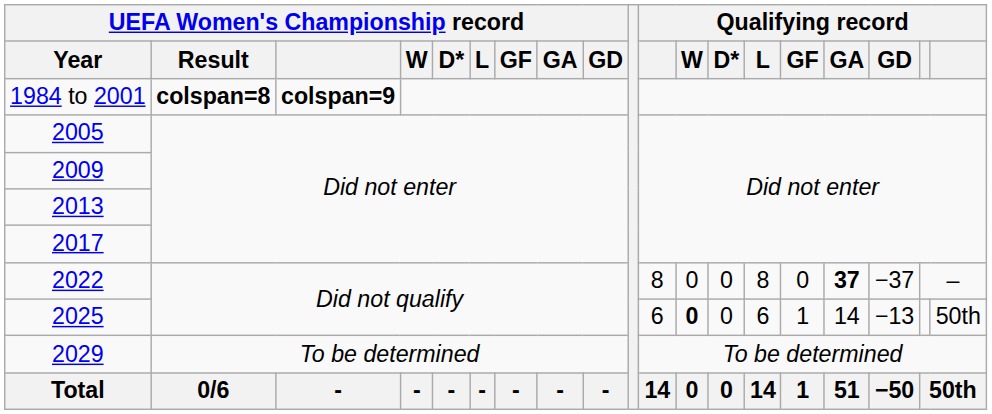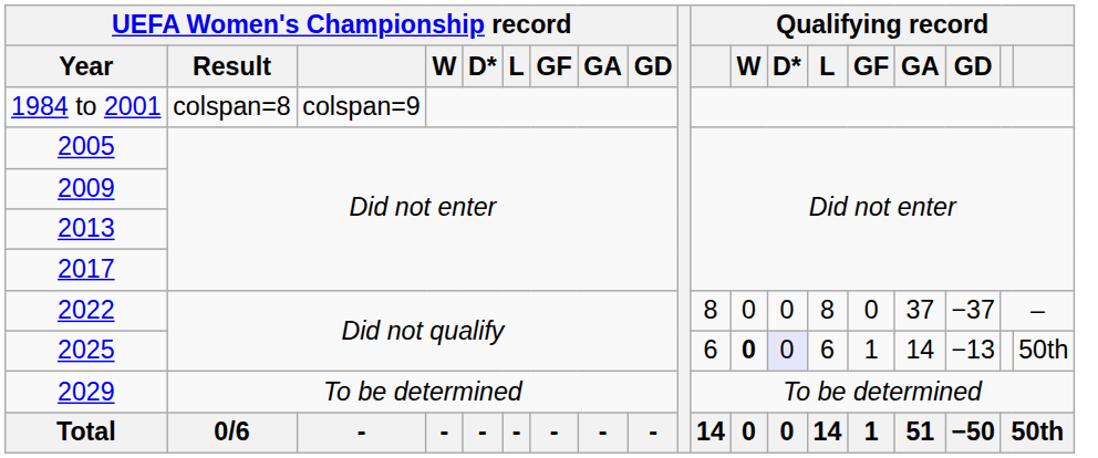 <table class="wikitable" style="text-align: center">
 <tr>
 <th colspan=9><a href='#'>UEFA Women's Championship</a> record</th>
 <th rowspan=100></th>
 <th colspan=9>Qualifying record</th>
 </tr>
 <tr>
 <th>Year</th>
 <th>Result</th>
 <th></th>
 <th>W</th>
 <th>D*</th>
 <th>L</th>
 <th>GF</th>
 <th>GA</th>
 <th>GD<br></th>
 <th></th>
 <th>W</th>
 <th>D*</th>
 <th>L</th>
 <th>GF</th>
 <th>GA</th>
 <th>GD</th>
 <th></th>
 <th></th>
 </tr>
 <tr>
 <td> <a href='#'>1984</a> to  <a href='#'>2001</a></td>
-<td><strong>colspan=8 </strong></td>
-<td><strong>colspan=9 </strong></td>
+<td>colspan=8 </td>
+<td>colspan=9 </td>
 </tr>
 <tr>
 <td> <a href='#'>2005</a></td>
 <td colspan=8 rowspan=4><em>Did not enter</em></td>
 <td colspan=9 rowspan=4><em>Did not enter</em></td>
 </tr>
 <tr>
 <td> <a href='#'>2009</a></td>
 </tr>
 <tr>
 <td> <a href='#'>2013</a></td>
 </tr>
 <tr>
 <td> <a href='#'>2017</a></td>
 </tr>
 <tr>
 <td> <a href='#'>2022</a></td>
 <td colspan=8 rowspan=2><em>Did not qualify</em></td>
 <td>8</td>
 <td>0</td>
 <td>0</td>
 <td>8</td>
 <td>0</td>
-<td><strong>37</strong></td>
+<td>37</td>
 <td>−37</td>
 <td colspan=2>–</td>
 </tr>
 <tr>
 <td> <a href='#'>2025</a></td>
 <td>6</td>
 <td><strong>0</strong></td>
-<td>0</td>
+<td style="background: lavender;">0</td>
 <td>6</td>
 <td>1</td>
 <td>14</td>
 <td>−13</td>
 <td></td>
 <td>50th</td>
 </tr>
 <tr>
 <td><a href='#'>2029</a></td>
 <td colspan=8><em>To be determined</em></td>
 <td colspan=9><em>To be determined</em></td>
 </tr>
 <tr>
 <th>Total</th>
 <th>0/6</th>
 <th>-</th>
 <th>-</th>
 <th>-</th>
 <th>-</th>
 <th>-</th>
 <th>-</th>
 <th>-</th>
 <th>14</th>
 <th>0</th>
 <th>0</th>
 <th>14</th>
 <th>1</th>
 <th>51</th>
 <th>−50</th>
 <th colspan=2>50th</th>
 </tr>
 </table>
